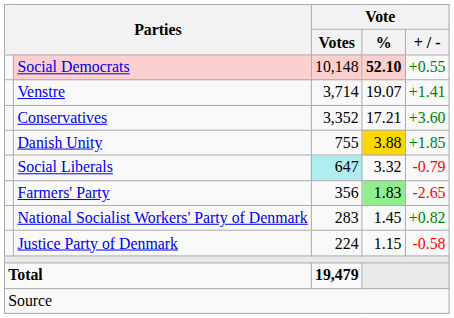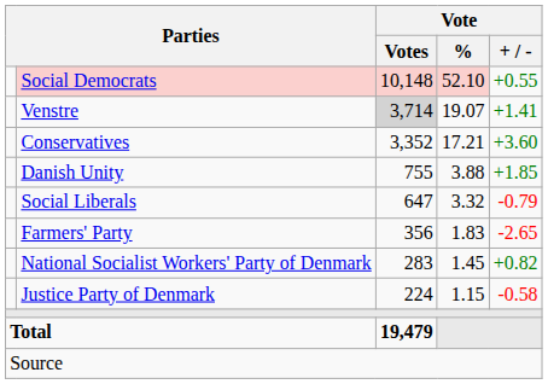 <table class="wikitable" style="text-align:right;">
 <tr>
 <th style="text-align:centre;" rowspan="2" colspan="2" width="225">Parties</th>
 <th colspan="3">Vote</th>
 </tr>
 <tr>
 <th width="15">Votes</th>
 <th width="15">%</th>
 <th width="15">+ / -</th>
 </tr>
 <tr>
 <td width="2" style="color:inherit;background:"></td>
 <td bgcolor=#fbd0ce  align="left"><a href='#'>Social Democrats</a></td>
 <td bgcolor=#fbd0ce>10,148</td>
-<td bgcolor=#fbd0ce><strong>52.10</strong></td>
+<td bgcolor=#fbd0ce>52.10</td>
 <td style=color:green;>+0.55</td>
 </tr>
 <tr>
 <td width="2" style="color:inherit;background:"></td>
 <td align="left"><a href='#'>Venstre</a></td>
-<td>3,714</td>
+<td style="background: lightgrey;">3,714</td>
 <td>19.07</td>
 <td style=color:green;>+1.41</td>
 </tr>
 <tr>
 <td width="2" style="color:inherit;background:"></td>
 <td align="left"><a href='#'>Conservatives</a></td>
 <td>3,352</td>
 <td>17.21</td>
 <td style=color:green;>+3.60</td>
 </tr>
 <tr>
 <td width="2" style="color:inherit;background:"></td>
 <td align="left"><a href='#'>Danish Unity</a></td>
 <td>755</td>
-<td style="background: gold;">3.88</td>
+<td>3.88</td>
 <td style=color:green;>+1.85</td>
 </tr>
 <tr>
 <td width="2" style="color:inherit;background:"></td>
 <td align="left"><a href='#'>Social Liberals</a></td>
-<td style="background: paleturquoise;">647</td>
+<td>647</td>
 <td>3.32</td>
 <td style=color:red;>-0.79</td>
 </tr>
 <tr>
 <td width="2" style="color:inherit;background:"></td>
 <td align="left"><a href='#'>Farmers' Party</a></td>
 <td>356</td>
-<td style="background: lightgreen;">1.83</td>
+<td>1.83</td>
 <td style=color:red;>-2.65</td>
 </tr>
 <tr>
 <td width="2" style="color:inherit;background:"></td>
 <td align="left"><a href='#'>National Socialist Workers' Party of Denmark</a></td>
 <td>283</td>
 <td>1.45</td>
 <td style=color:green;>+0.82</td>
 </tr>
 <tr>
 <td width="2" style="color:inherit;background:"></td>
 <td align="left"><a href='#'>Justice Party of Denmark</a></td>
 <td>224</td>
 <td>1.15</td>
 <td style=color:red;>-0.58</td>
 </tr>
 <tr>
 <td colspan="7" bgcolor="#E9E9E9"></td>
 </tr>
 <tr>
 <td align="left" colspan="2"><strong>Total</strong></td>
 <td><strong>19,479</strong></td>
 <td bgcolor="#E9E9E9" colspan="2"></td>
 </tr>
 <tr>
 <td align="left" colspan="6">Source</td>
 </tr>
 </table>
